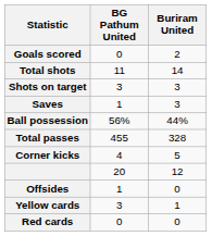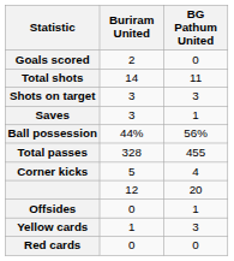 <table class="wikitable plainrowheaders" style="text-align:center">
 <tr>
 <th scope="col">Statistic</th>
+<th scope="col" style="width:80px">Buriram United</th>
 <th scope="col" style="width:80px">BG Pathum United</th>
-<th scope="col" style="width:80px">Buriram United</th>
 </tr>
 <tr>
 <th scope=row>Goals scored</th>
+<td>2</td>
 <td>0</td>
-<td>2</td>
 </tr>
 <tr>
 <th scope=row>Total shots</th>
+<td>14</td>
 <td>11</td>
-<td>14</td>
 </tr>
 <tr>
 <th scope=row>Shots on target</th>
 <td>3</td>
 <td>3</td>
 </tr>
 <tr>
 <th scope=row>Saves</th>
+<td>3</td>
 <td>1</td>
-<td>3</td>
 </tr>
 <tr>
 <th scope=row>Ball possession</th>
+<td>44%</td>
 <td>56%</td>
-<td>44%</td>
 </tr>
 <tr>
 <th scope=row>Total passes</th>
+<td>328</td>
 <td>455</td>
-<td>328</td>
 </tr>
 <tr>
 <th scope=row>Corner kicks</th>
+<td>5</td>
 <td>4</td>
-<td>5</td>
 </tr>
 <tr>
 <th scope=row></th>
+<td>12</td>
 <td>20</td>
-<td>12</td>
 </tr>
 <tr>
 <th scope=row>Offsides</th>
+<td>0</td>
 <td>1</td>
-<td>0</td>
 </tr>
 <tr>
 <th scope=row>Yellow cards</th>
+<td>1</td>
 <td>3</td>
-<td>1</td>
 </tr>
 <tr>
 <th scope=row>Red cards</th>
 <td>0</td>
 <td>0</td>
 </tr>
 </table>
